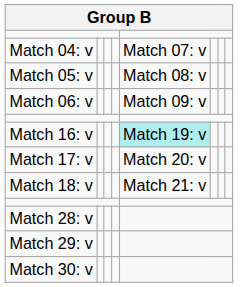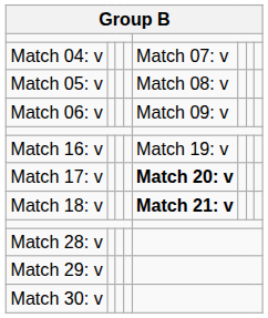 <table class="wikitable" style="text-align: left; font-size: 90%; margin-left: 1em;">
 <tr>
 <th colspan="12">Group B</th>
 </tr>
 <tr>
 <td colspan="4" style="text-align: center;"></td>
 <td colspan="4" style="text-align: center;"></td>
 </tr>
 <tr>
 <td>Match 04:  v </td>
 <td></td>
 <td></td>
 <td></td>
 <td>Match 07:  v </td>
 <td></td>
 <td></td>
 <td></td>
 </tr>
 <tr>
 <td>Match 05:  v </td>
 <td></td>
 <td></td>
 <td></td>
 <td>Match 08:  v </td>
 <td></td>
 <td></td>
 <td></td>
 </tr>
 <tr>
 <td>Match 06:  v </td>
 <td></td>
 <td></td>
 <td> </td>
 <td>Match 09:  v </td>
 <td></td>
 <td></td>
 <td></td>
 </tr>
 <tr>
 <td colspan="4" style="text-align: center;"></td>
 <td colspan="4" style="text-align: center;"></td>
 </tr>
 <tr>
 <td>Match 16:  v </td>
 <td></td>
 <td></td>
 <td></td>
-<td style="background: paleturquoise;">Match 19:  v </td>
+<td>Match 19:  v </td>
 <td></td>
 <td></td>
 <td></td>
 </tr>
 <tr>
 <td>Match 17:  v </td>
 <td></td>
 <td></td>
 <td></td>
-<td>Match 20:  v </td>
+<td><strong>Match 20:  v </strong></td>
 <td></td>
 <td></td>
 <td></td>
 </tr>
 <tr>
 <td>Match 18:  v </td>
 <td></td>
 <td></td>
 <td></td>
-<td>Match 21:  v </td>
+<td><strong>Match 21:  v </strong></td>
 <td></td>
 <td></td>
 <td></td>
 </tr>
 <tr>
 <td colspan="4" style="text-align: center;"></td>
 <td colspan="4"></td>
 </tr>
 <tr>
 <td>Match 28:  v </td>
 <td></td>
 <td></td>
 <td></td>
 <td colspan="4"></td>
 </tr>
 <tr>
 <td>Match 29:  v </td>
 <td></td>
 <td></td>
 <td></td>
 <td colspan="4"></td>
 </tr>
 <tr>
 <td>Match 30:  v </td>
 <td></td>
 <td></td>
 <td></td>
 <td colspan="4"></td>
 </tr>
 </table>
